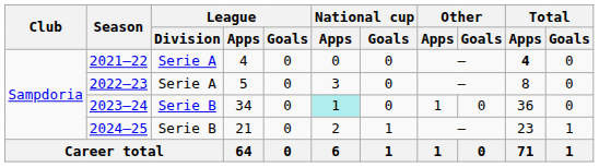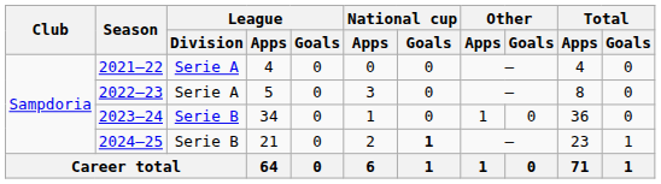 <table class="wikitable" style="text-align:center">
 <tr>
 <th rowspan="2">Club</th>
 <th rowspan="2">Season</th>
 <th colspan="3">League</th>
 <th colspan="2">National cup</th>
 <th colspan="2">Other</th>
 <th colspan="2">Total</th>
 </tr>
 <tr>
 <th>Division</th>
 <th>Apps</th>
 <th>Goals</th>
 <th>Apps</th>
 <th>Goals</th>
 <th>Apps</th>
 <th>Goals</th>
 <th>Apps</th>
 <th>Goals</th>
 </tr>
 <tr>
 <td rowspan="4"><a href='#'>Sampdoria</a></td>
 <td><a href='#'>2021–22</a></td>
 <td><a href='#'>Serie A</a></td>
 <td>4</td>
 <td>0</td>
 <td>0</td>
 <td>0</td>
 <td colspan="2">—</td>
-<td><strong>4</strong></td>
+<td>4</td>
 <td>0</td>
 </tr>
 <tr>
 <td><a href='#'>2022–23</a></td>
 <td>Serie A</td>
 <td>5</td>
 <td>0</td>
 <td>3</td>
 <td>0</td>
 <td colspan="2">—</td>
 <td>8</td>
 <td>0</td>
 </tr>
 <tr>
 <td><a href='#'>2023–24</a></td>
 <td><a href='#'>Serie B</a></td>
 <td>34</td>
 <td>0</td>
-<td style="background: paleturquoise;">1</td>
+<td>1</td>
 <td>0</td>
 <td>1</td>
 <td>0</td>
 <td>36</td>
 <td>0</td>
 </tr>
 <tr>
 <td><a href='#'>2024–25</a></td>
 <td>Serie B</td>
 <td>21</td>
 <td>0</td>
 <td>2</td>
-<td>1</td>
+<td><strong>1</strong></td>
 <td colspan="2">—</td>
 <td>23</td>
 <td>1</td>
 </tr>
 <tr>
 <th colspan="3">Career total</th>
 <th>64</th>
 <th>0</th>
 <th>6</th>
 <th>1</th>
 <th>1</th>
 <th>0</th>
 <th>71</th>
 <th>1</th>
 </tr>
 </table>
